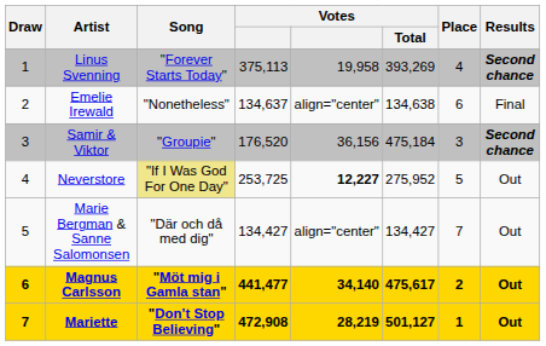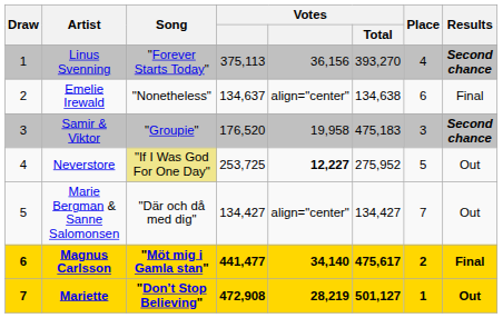 <table class="sortable wikitable" style="margin: 1em auto 1em auto; text-align:center;">
 <tr>
 <th rowspan="2">Draw</th>
 <th rowspan="2">Artist</th>
 <th rowspan="2">Song</th>
 <th colspan="3">Votes</th>
 <th rowspan="2">Place</th>
 <th rowspan="2">Results</th>
 </tr>
 <tr>
 <th></th>
 <th></th>
 <th>Total</th>
 </tr>
 <tr bgcolor="silver">
 <td>1</td>
 <td><a href='#'>Linus Svenning</a></td>
 <td>"<a href='#'>Forever Starts Today</a>"</td>
 <td align="right">375,113</td>
-<td align="right">19,958</td>
-<td align="right">393,269</td>
+<td align="right">36,156</td>
+<td align="right">393,270</td>
 <td align="center">4</td>
 <td><strong><em>Second chance</em></strong></td>
 </tr>
 <tr>
 <td>2</td>
 <td><a href='#'>Emelie Irewald</a></td>
 <td>"Nonetheless"</td>
 <td align="right">134,637</td>
 <td>align="center" </td>
 <td align="right">134,638</td>
 <td align="center">6</td>
 <td>Final</td>
 </tr>
 <tr bgcolor="silver">
 <td>3</td>
 <td><a href='#'>Samir & Viktor</a></td>
 <td>"<a href='#'>Groupie</a>"</td>
 <td align="right">176,520</td>
-<td align="right">36,156</td>
-<td align="right">475,184</td>
+<td align="right">19,958</td>
+<td align="right">475,183</td>
 <td align="center">3</td>
 <td><strong><em>Second chance</em></strong></td>
 </tr>
 <tr>
 <td>4</td>
 <td><a href='#'>Neverstore</a></td>
 <td style="background: khaki;">"If I Was God For One Day"</td>
 <td align="right">253,725</td>
 <td align="right"><strong>12,227</strong></td>
 <td align="right">275,952</td>
 <td align="center">5</td>
 <td>Out</td>
 </tr>
 <tr>
 <td>5</td>
 <td><a href='#'>Marie Bergman</a> & <a href='#'>Sanne Salomonsen</a></td>
 <td>"Där och då med dig"</td>
 <td align="right">134,427</td>
 <td>align="center" </td>
 <td align="right">134,427</td>
 <td align="center">7</td>
 <td>Out</td>
 </tr>
 <tr style="font-weight:bold;background:gold;">
 <td>6</td>
 <td><a href='#'>Magnus Carlsson</a></td>
 <td>"<a href='#'>Möt mig i Gamla stan</a>"</td>
 <td align="right">441,477</td>
 <td align="right">34,140</td>
 <td align="right">475,617</td>
 <td align="center">2</td>
-<td>Out</td>
+<td>Final</td>
 </tr>
 <tr style="font-weight:bold;background:gold;">
 <td>7</td>
 <td><a href='#'>Mariette</a></td>
 <td>"<a href='#'>Don’t Stop Believing</a>"</td>
 <td align="right">472,908</td>
 <td align="right">28,219</td>
 <td align="right">501,127</td>
 <td align="center">1</td>
 <td>Out</td>
 </tr>
 </table>
